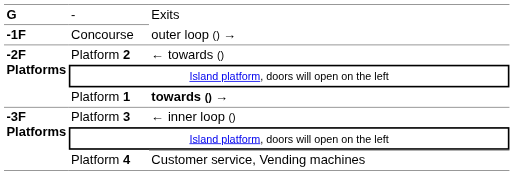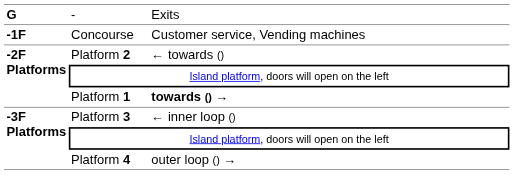 <table table border=0 cellspacing=0 cellpadding=3>
 <tr>
 <td style="border-top:solid 1px gray;" width=50 valign=top><strong>G</strong></td>
 <td style="border-top:solid 1px gray;" width=100 valign=top>-</td>
 <td style="border-top:solid 1px gray;" width=600 valign=top>Exits</td>
 </tr>
 <tr>
 <td style="border-bottom:solid 1px gray; border-top:solid 1px gray;" valign=top width=50><strong>-1F</strong></td>
 <td style="border-bottom:solid 1px gray; border-top:solid 1px gray;" valign=top width=100>Concourse<br></td>
-<td style="border-bottom:solid 1px gray;"> outer loop <small>()</small> →</td>
+<td style="border-bottom:solid 1px gray; border-top:solid 1px gray;" valign=top width=390>Customer service, Vending machines</td>
 </tr>
 <tr>
 <td style="border-bottom:solid 1px gray;" rowspan="3" valign=top><strong>-2F<br>Platforms</strong></td>
 <td>Platform <span> <strong>2</strong></span></td>
 <td>←  towards  <small>()</small></td>
 </tr>
 <tr>
 <td style="border-right:solid 2px black;border-left:solid 2px black;border-top:solid 2px black;border-bottom:solid 2px black;text-align:center;" colspan=2><small><a href='#'>Island platform</a>, doors will open on the left</small></td>
 </tr>
 <tr>
 <td style="border-bottom:solid 1px gray;">Platform <span> <strong>1</strong></span></td>
 <td style="border-bottom:solid 1px gray;"><strong> towards  <small>()</small> →</strong></td>
 </tr>
 <tr>
 <td style="border-bottom:solid 1px gray;" rowspan="3" valign=top><strong>-3F<br>Platforms</strong></td>
 <td>Platform <span> <strong>3</strong></span></td>
 <td>←  inner loop <small>()</small></td>
 </tr>
 <tr>
 <td style="border-right:solid 2px black;border-left:solid 2px black;border-top:solid 2px black;border-bottom:solid 2px black;text-align:center;" colspan=2><small><a href='#'>Island platform</a>, doors will open on the left</small></td>
 </tr>
 <tr>
 <td style="border-bottom:solid 1px gray;">Platform <span> <strong>4</strong></span></td>
-<td style="border-bottom:solid 1px gray; border-top:solid 1px gray;" valign=top width=390>Customer service, Vending machines</td>
+<td style="border-bottom:solid 1px gray;"> outer loop <small>()</small> →</td>
 </tr>
 </table>
